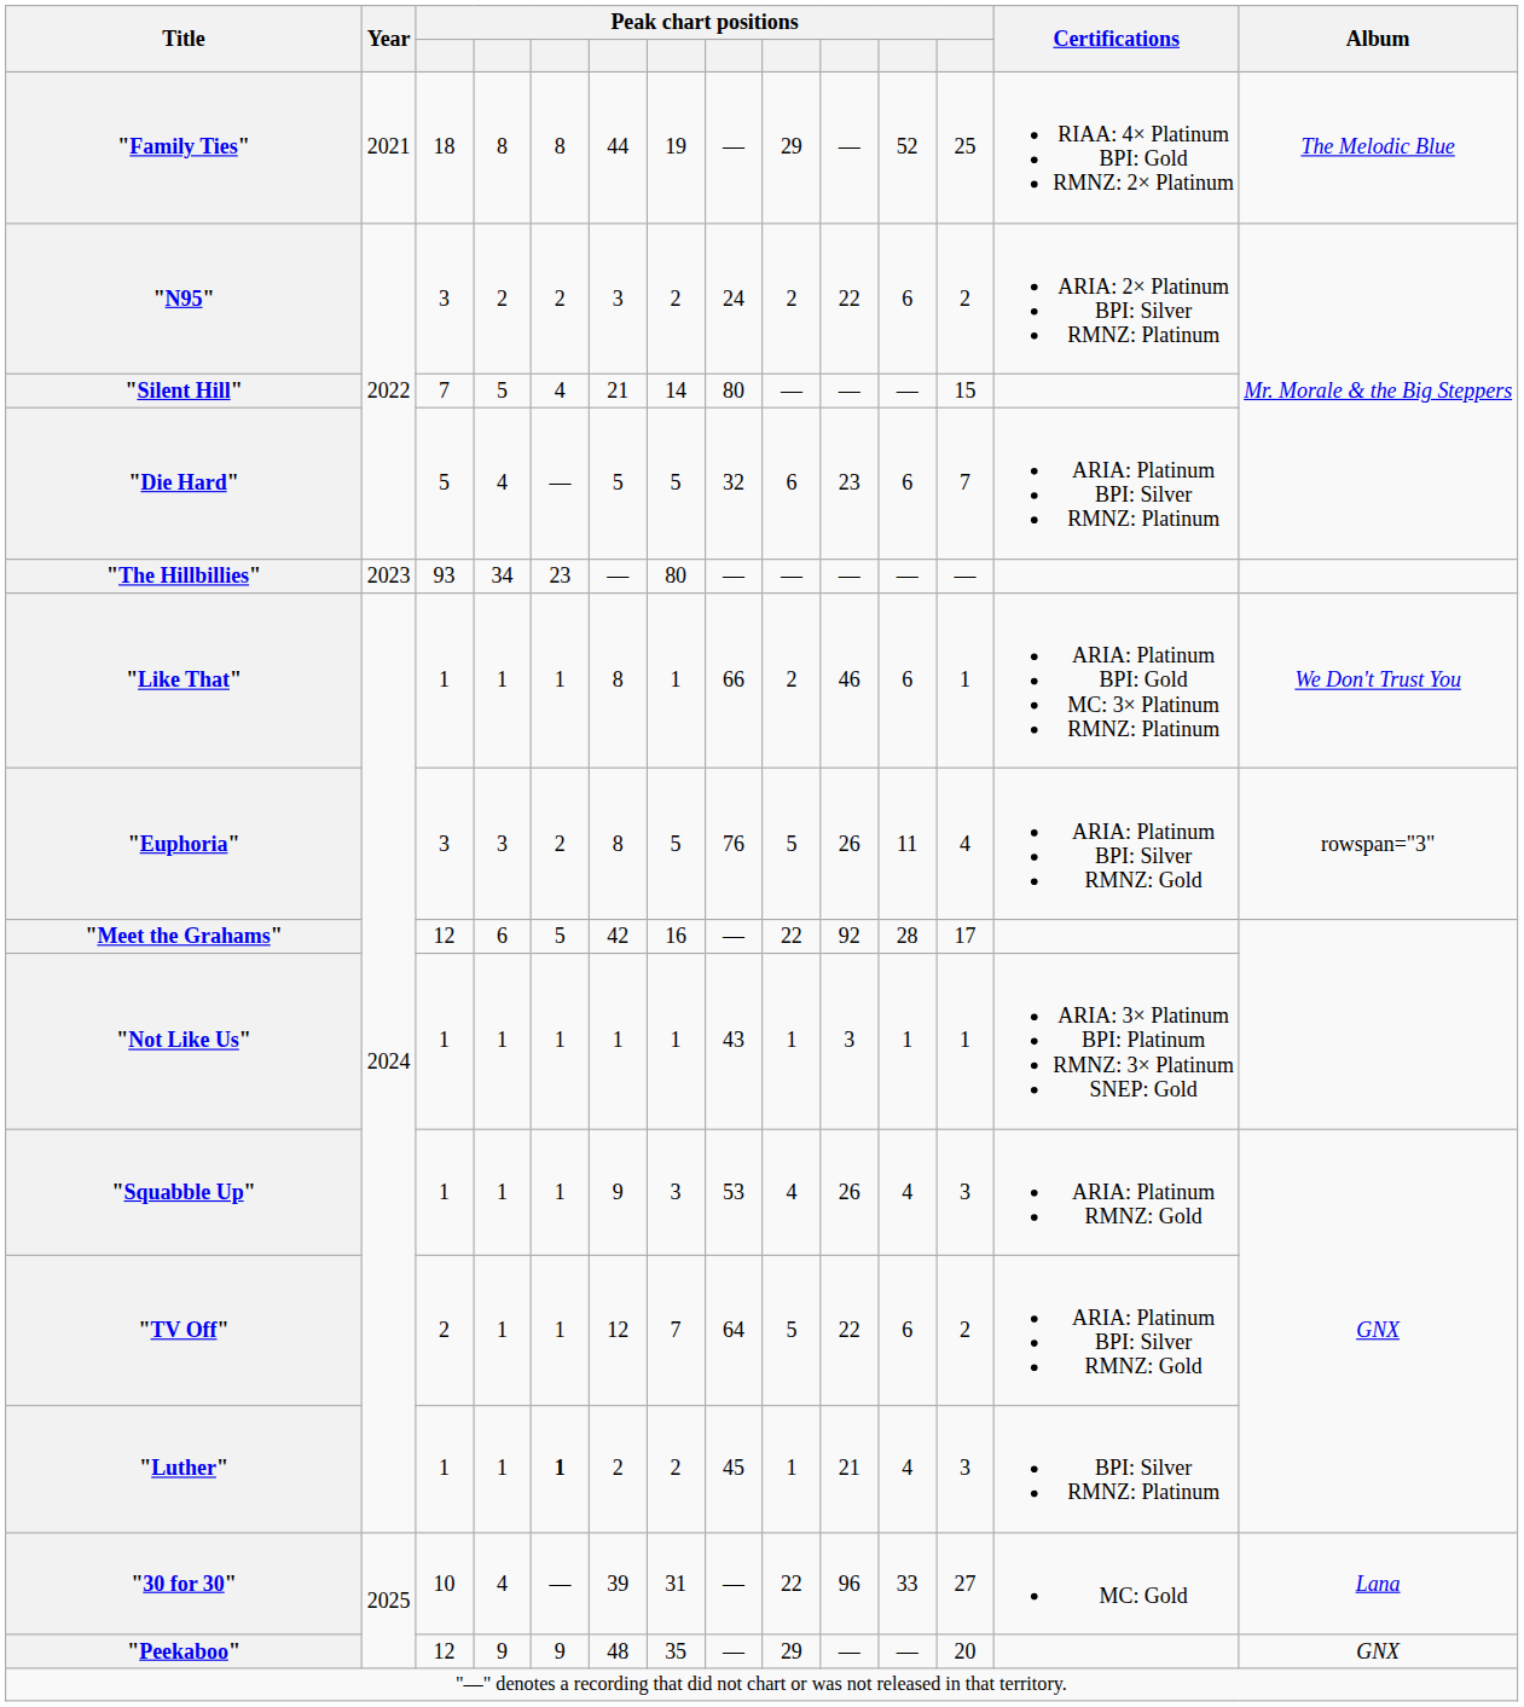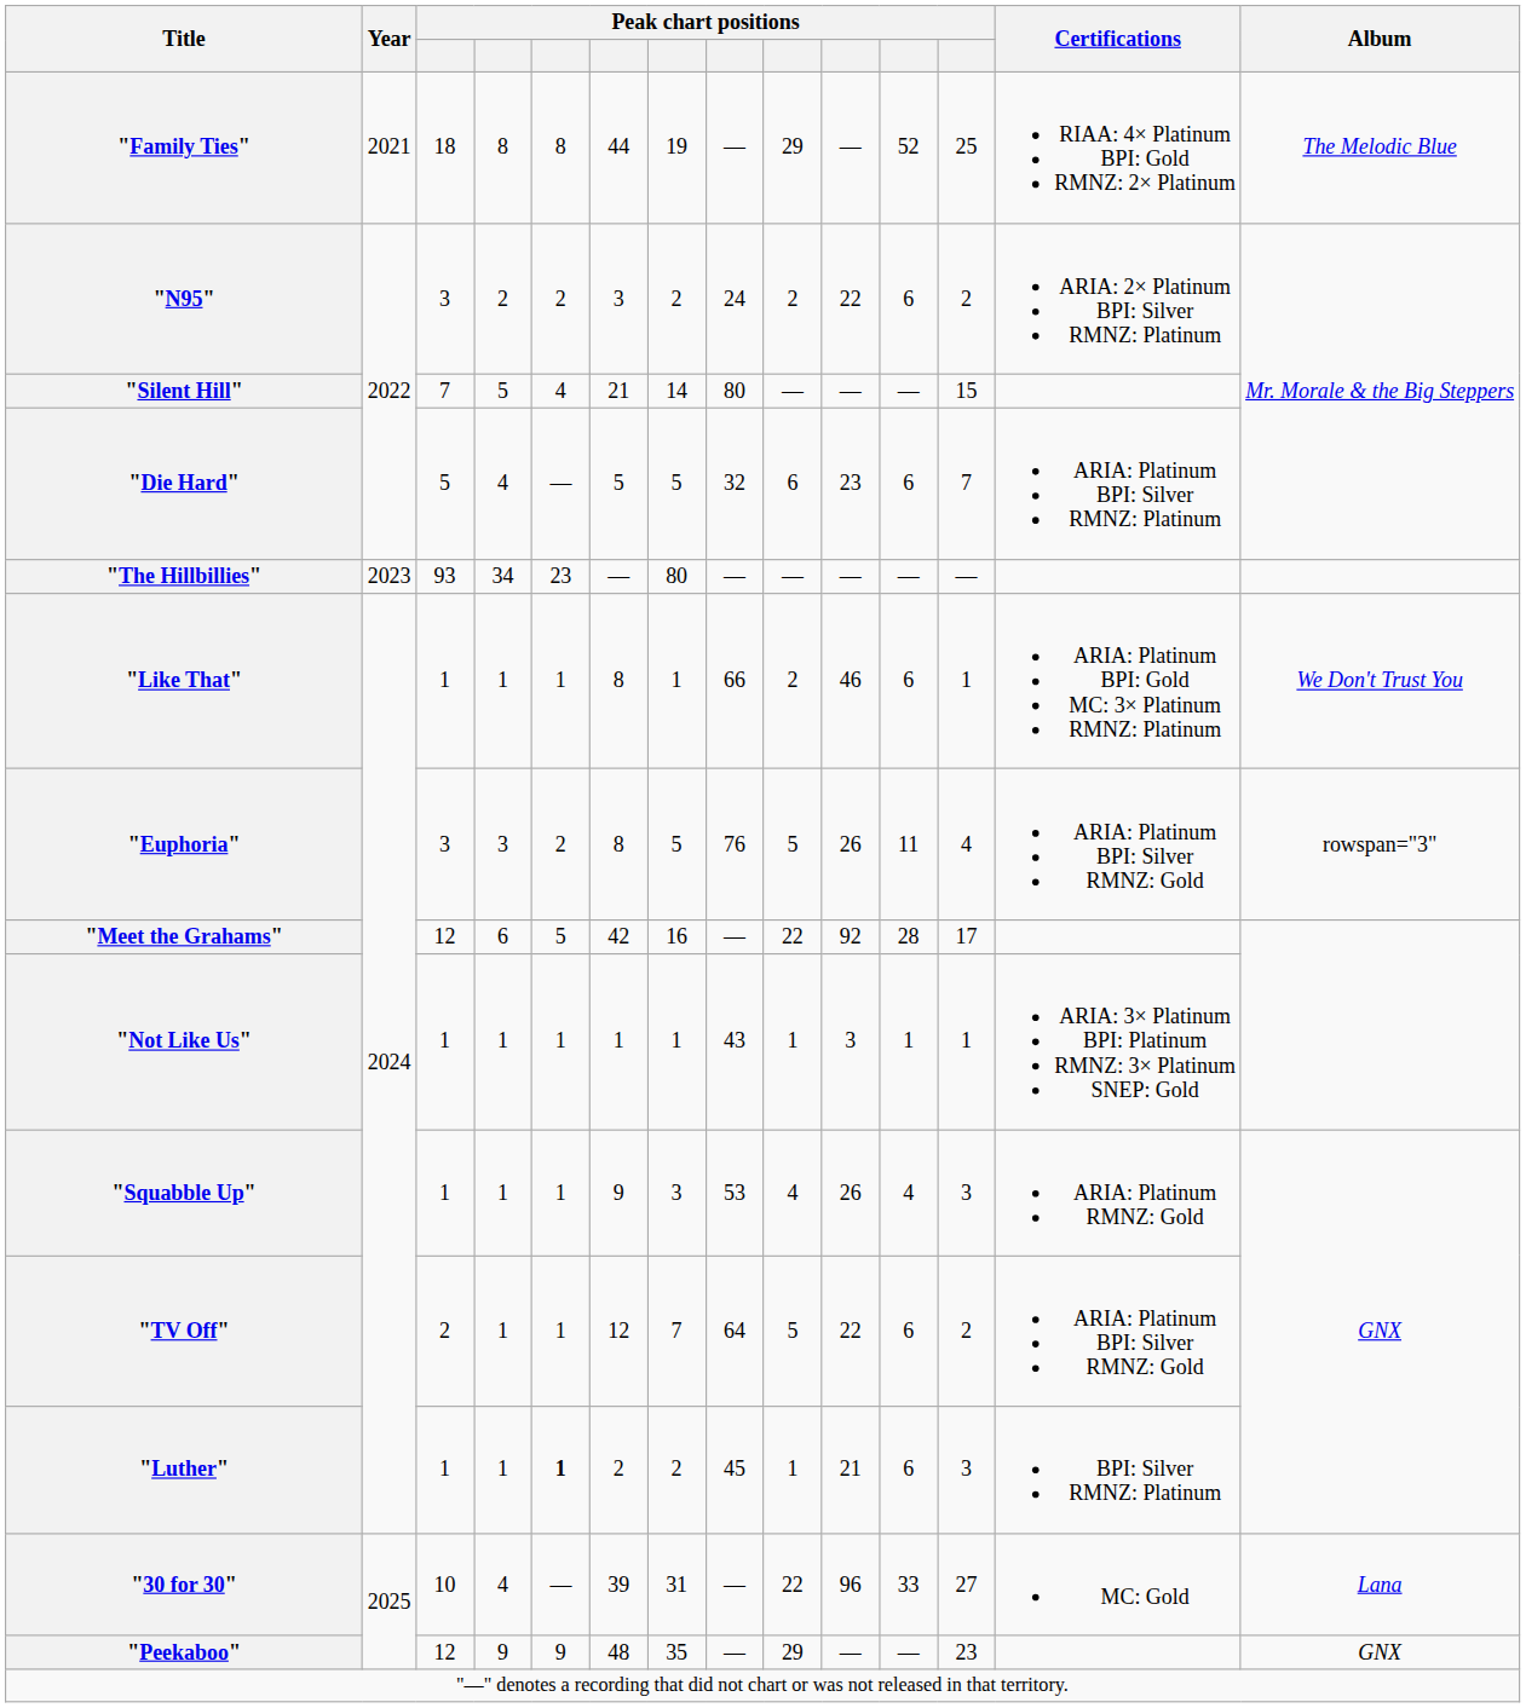 <table class="wikitable plainrowheaders" style="text-align:center;" border="1">
 <tr>
 <th scope="col" rowspan="2" style="width:16em;">Title</th>
 <th scope="col" rowspan="2" style="width:1em;">Year</th>
 <th scope="col" colspan="10">Peak chart positions</th>
 <th scope="col" rowspan="2"><a href='#'>Certifications</a></th>
 <th scope="col" rowspan="2">Album</th>
 </tr>
 <tr>
 <th scope="col" style="width:2.5em;font-size:90%;"><a href='#'></a><br></th>
 <th scope="col" style="width:2.5em;font-size:90%;"><a href='#'></a><br></th>
 <th scope="col" style="width:2.5em;font-size:90%;"><a href='#'></a><br></th>
 <th scope="col" style="width:2.5em;font-size:90%;"><a href='#'></a><br></th>
 <th scope="col" style="width:2.5em;font-size:90%;"><a href='#'></a><br></th>
 <th scope="col" style="width:2.5em;font-size:90%;"><a href='#'></a><br></th>
 <th scope="col" style="width:2.5em;font-size:90%;"><a href='#'></a><br></th>
 <th scope="col" style="width:2.5em;font-size:90%;"><a href='#'></a><br></th>
 <th scope="col" style="width:2.5em;font-size:90%;"><a href='#'></a><br></th>
 <th scope="col" style="width:2.5em;font-size:90%;"><a href='#'></a><br></th>
 </tr>
 <tr>
 <th scope="row">"<a href='#'>Family Ties</a>"<br></th>
 <td>2021</td>
 <td>18</td>
 <td>8</td>
 <td>8</td>
 <td>44</td>
 <td>19</td>
 <td>—</td>
 <td>29</td>
 <td>—</td>
 <td>52</td>
 <td>25</td>
 <td><br><ul><li>RIAA: 4× Platinum</li><li>BPI: Gold</li><li>RMNZ: 2× Platinum</li></ul></td>
 <td><em><a href='#'>The Melodic Blue</a></em></td>
 </tr>
 <tr>
 <th scope="row">"<a href='#'>N95</a>"</th>
 <td rowspan="3">2022</td>
 <td>3</td>
 <td>2</td>
 <td>2</td>
 <td>3</td>
 <td>2</td>
 <td>24</td>
 <td>2</td>
 <td>22</td>
 <td>6</td>
 <td>2</td>
 <td><br><ul><li>ARIA: 2× Platinum</li><li>BPI: Silver</li><li>RMNZ: Platinum</li></ul></td>
 <td rowspan="3"><em><a href='#'>Mr. Morale & the Big Steppers</a></em></td>
 </tr>
 <tr>
 <th scope="row">"<a href='#'>Silent Hill</a>"<br></th>
 <td>7</td>
 <td>5</td>
 <td>4</td>
 <td>21</td>
 <td>14</td>
 <td>80</td>
 <td>—</td>
 <td>—</td>
 <td>—</td>
 <td>15</td>
 <td></td>
 </tr>
 <tr>
 <th scope="row">"<a href='#'>Die Hard</a>"<br></th>
 <td>5</td>
 <td>4</td>
 <td>—</td>
 <td>5</td>
 <td>5</td>
 <td>32</td>
 <td>6</td>
 <td>23</td>
 <td>6</td>
 <td>7</td>
 <td><br><ul><li>ARIA: Platinum</li><li>BPI: Silver</li><li>RMNZ: Platinum</li></ul></td>
 </tr>
 <tr>
 <th scope="row">"<a href='#'>The Hillbillies</a>"<br></th>
 <td>2023</td>
 <td>93</td>
 <td>34</td>
 <td>23</td>
 <td>—</td>
 <td>80</td>
 <td>—</td>
 <td>—</td>
 <td>—</td>
 <td>—</td>
 <td>—</td>
 <td></td>
 <td></td>
 </tr>
 <tr>
 <th scope="row">"<a href='#'>Like That</a>"<br></th>
 <td rowspan="7">2024</td>
 <td>1</td>
 <td>1</td>
 <td>1</td>
 <td>8</td>
 <td>1</td>
 <td>66</td>
 <td>2</td>
 <td>46</td>
 <td>6</td>
 <td>1</td>
 <td><br><ul><li>ARIA: Platinum</li><li>BPI: Gold</li><li>MC: 3× Platinum</li><li>RMNZ: Platinum</li></ul></td>
 <td><em><a href='#'>We Don't Trust You</a></em></td>
 </tr>
 <tr>
 <th scope="row">"<a href='#'>Euphoria</a>"</th>
 <td>3</td>
 <td>3</td>
 <td>2</td>
 <td>8</td>
 <td>5</td>
 <td>76</td>
 <td>5</td>
 <td>26</td>
 <td>11</td>
 <td>4</td>
 <td><br><ul><li>ARIA: Platinum</li><li>BPI: Silver</li><li>RMNZ: Gold</li></ul></td>
 <td>rowspan="3" </td>
 </tr>
 <tr>
 <th scope="row">"<a href='#'>Meet the Grahams</a>"</th>
 <td>12</td>
 <td>6</td>
 <td>5</td>
 <td>42</td>
 <td>16</td>
 <td>—</td>
 <td>22</td>
 <td>92</td>
 <td>28</td>
 <td>17</td>
 <td></td>
 </tr>
 <tr>
 <th scope="row">"<a href='#'>Not Like Us</a>"</th>
 <td>1</td>
 <td>1</td>
 <td>1</td>
 <td>1<br></td>
 <td>1</td>
 <td>43</td>
 <td>1</td>
 <td>3<br></td>
 <td>1</td>
 <td>1</td>
 <td><br><ul><li>ARIA: 3× Platinum</li><li>BPI: Platinum</li><li>RMNZ: 3× Platinum</li><li>SNEP: Gold</li></ul></td>
 </tr>
 <tr>
 <th scope="row">"<a href='#'>Squabble Up</a>"</th>
 <td>1</td>
 <td>1</td>
 <td>1</td>
 <td>9</td>
 <td>3</td>
 <td>53</td>
 <td>4</td>
 <td>26</td>
 <td>4</td>
 <td>3</td>
 <td><br><ul><li>ARIA: Platinum</li><li>RMNZ: Gold</li></ul></td>
 <td rowspan="3"><em><a href='#'>GNX</a></em></td>
 </tr>
 <tr>
 <th scope="row">"<a href='#'>TV Off</a>"<br></th>
 <td>2</td>
 <td>1</td>
 <td>1</td>
 <td>12</td>
 <td>7</td>
 <td>64</td>
 <td>5</td>
 <td>22<br></td>
 <td>6</td>
 <td>2</td>
 <td><br><ul><li>ARIA: Platinum</li><li>BPI: Silver</li><li>RMNZ: Gold</li></ul></td>
 </tr>
 <tr>
 <th scope="row">"<a href='#'>Luther</a>"<br></th>
 <td>1<br></td>
 <td>1</td>
 <td><strong>1</strong></td>
 <td>2<br></td>
 <td>2</td>
 <td>45</td>
 <td>1</td>
 <td>21<br></td>
-<td>4</td>
+<td>6</td>
 <td>3</td>
 <td><br><ul><li>BPI: Silver</li><li>RMNZ: Platinum</li></ul></td>
 </tr>
 <tr>
 <th scope="row">"<a href='#'>30 for 30</a>"<br></th>
 <td rowspan="2">2025</td>
 <td>10</td>
 <td>4</td>
 <td>—</td>
 <td>39<br></td>
 <td>31</td>
 <td>—</td>
 <td>22<br></td>
 <td>96<br></td>
 <td>33</td>
 <td>27</td>
 <td><br><ul><li>MC: Gold</li></ul></td>
 <td><em><a href='#'>Lana</a></em></td>
 </tr>
 <tr>
 <th scope="row">"<a href='#'>Peekaboo</a>"<br></th>
 <td>12</td>
 <td>9</td>
 <td>9</td>
 <td>48</td>
 <td>35</td>
 <td>—</td>
 <td>29</td>
 <td>—</td>
 <td>—</td>
-<td>20</td>
+<td>23</td>
 <td></td>
 <td><em>GNX</em></td>
 </tr>
 <tr>
 <td colspan="14" style="font-size:90%">"—" denotes a recording that did not chart or was not released in that territory.</td>
 </tr>
 </table>
